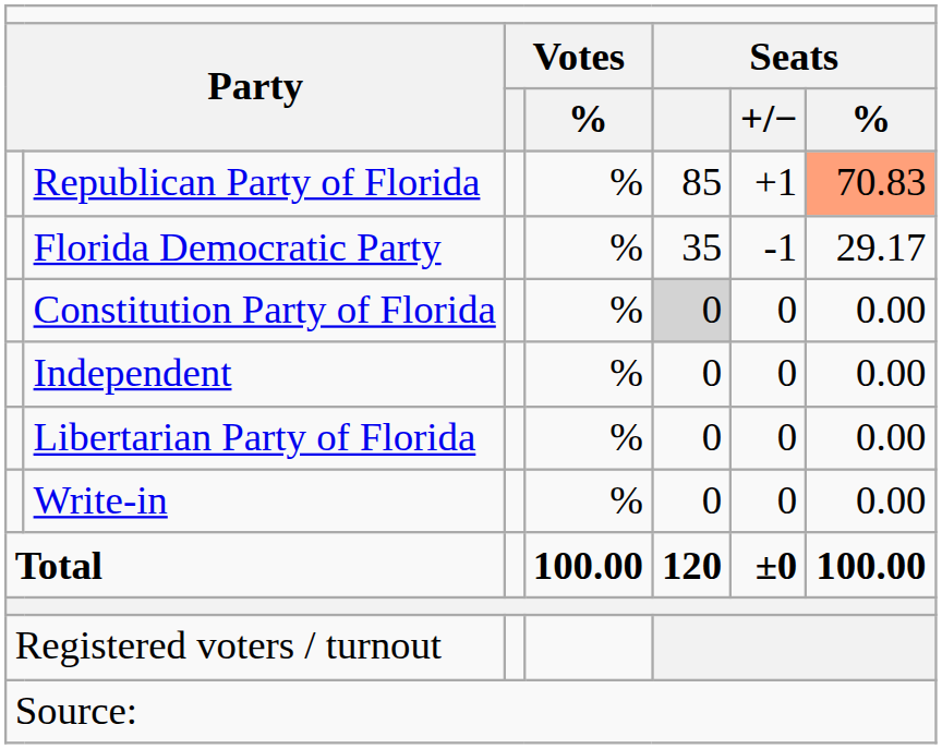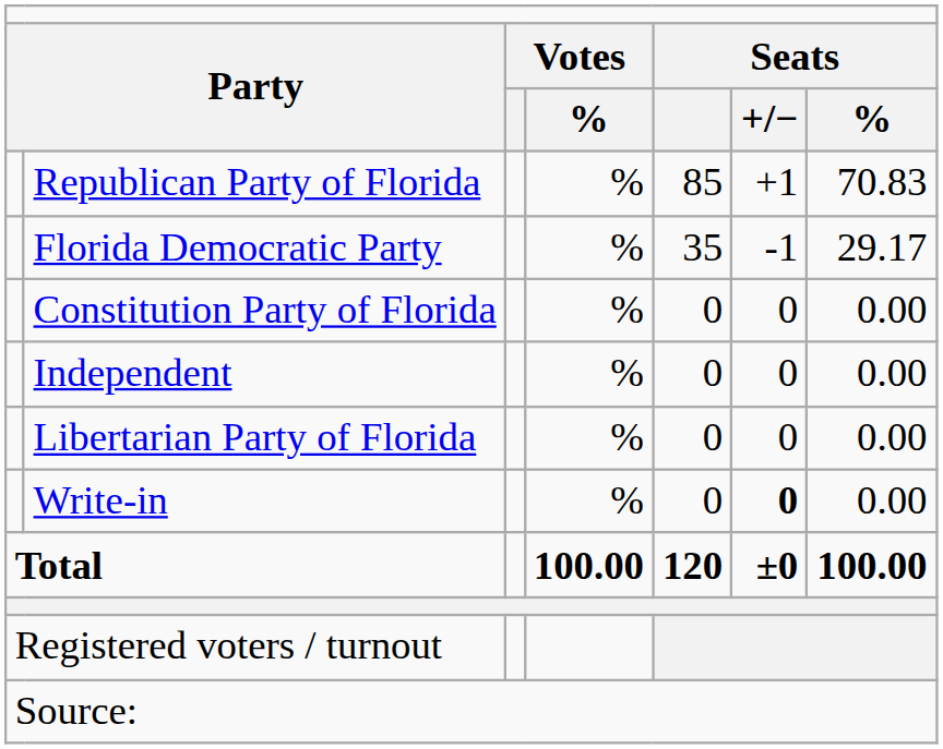 <table class="wikitable">
 <tr>
 <td colspan="7"></td>
 </tr>
 <tr>
 <th colspan="2" rowspan="2">Party</th>
 <th colspan="2">Votes</th>
 <th colspan="3">Seats</th>
 </tr>
 <tr>
 <th></th>
 <th>%</th>
 <th></th>
 <th>+/−</th>
 <th>%</th>
 </tr>
 <tr>
 <td style="background-color:"></td>
 <td><a href='#'>Republican Party of Florida</a></td>
 <td align="right"></td>
 <td align="right">%</td>
 <td align="right">85</td>
 <td align="right">+1</td>
-<td align="right" style="background: lightsalmon;">70.83</td>
+<td align="right">70.83</td>
 </tr>
 <tr>
 <td style="background-color:"></td>
 <td><a href='#'>Florida Democratic Party</a></td>
 <td align="right"></td>
 <td align="right">%</td>
 <td align="right">35</td>
 <td align="right">-1</td>
 <td align="right">29.17</td>
 </tr>
 <tr>
 <td style="background-color:"></td>
 <td><a href='#'>Constitution Party of Florida</a></td>
 <td align="right"></td>
 <td align="right">%</td>
-<td align="right" style="background: lightgrey;">0</td>
+<td align="right">0</td>
 <td align="right">0</td>
 <td align="right">0.00</td>
 </tr>
 <tr>
 <td style="background-color:"></td>
 <td><a href='#'>Independent</a></td>
 <td align="right"></td>
 <td align="right">%</td>
 <td align="right">0</td>
 <td align="right">0</td>
 <td align="right">0.00</td>
 </tr>
 <tr>
 <td style="background-color:"></td>
 <td><a href='#'>Libertarian Party of Florida</a></td>
 <td align="right"></td>
 <td align="right">%</td>
 <td align="right">0</td>
 <td align="right">0</td>
 <td align="right">0.00</td>
 </tr>
 <tr>
 <td style="background-color:"></td>
 <td><a href='#'>Write-in</a></td>
 <td align="right"></td>
 <td align="right">%</td>
 <td align="right">0</td>
-<td align="right">0</td>
+<td align="right"><strong>0</strong></td>
 <td align="right">0.00</td>
 </tr>
 <tr>
 <td colspan="2"><strong>Total</strong></td>
 <td align="right"><strong> </strong></td>
 <td align="right"><strong>100.00</strong></td>
 <td align="right"><strong>120</strong></td>
 <td align="right"><strong>±0</strong></td>
 <td align="right"><strong>100.00</strong></td>
 </tr>
 <tr>
 <th colspan="7"></th>
 </tr>
 <tr>
 <td colspan="2">Registered voters / turnout</td>
 <td align="right"></td>
 <td align="right"></td>
 <th colspan="3"></th>
 </tr>
 <tr>
 <td colspan="7">Source: <em></em></td>
 </tr>
 </table>
